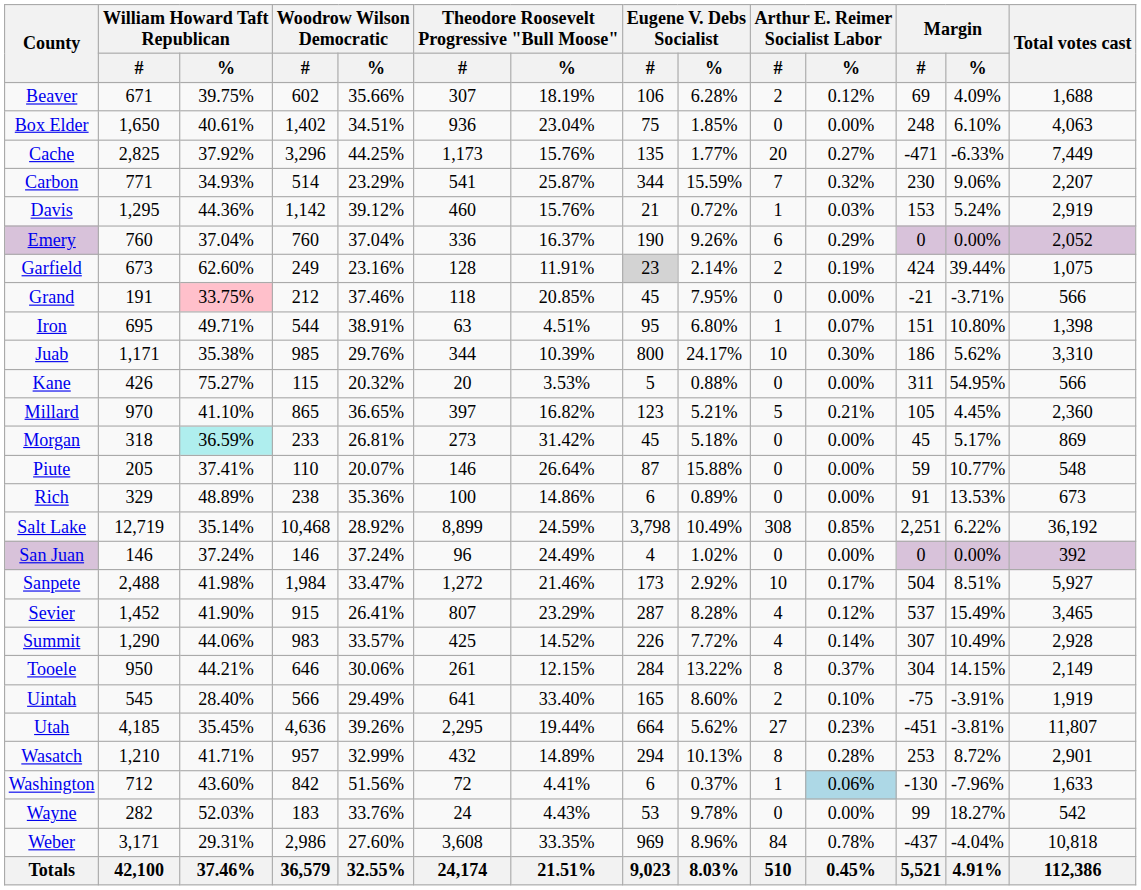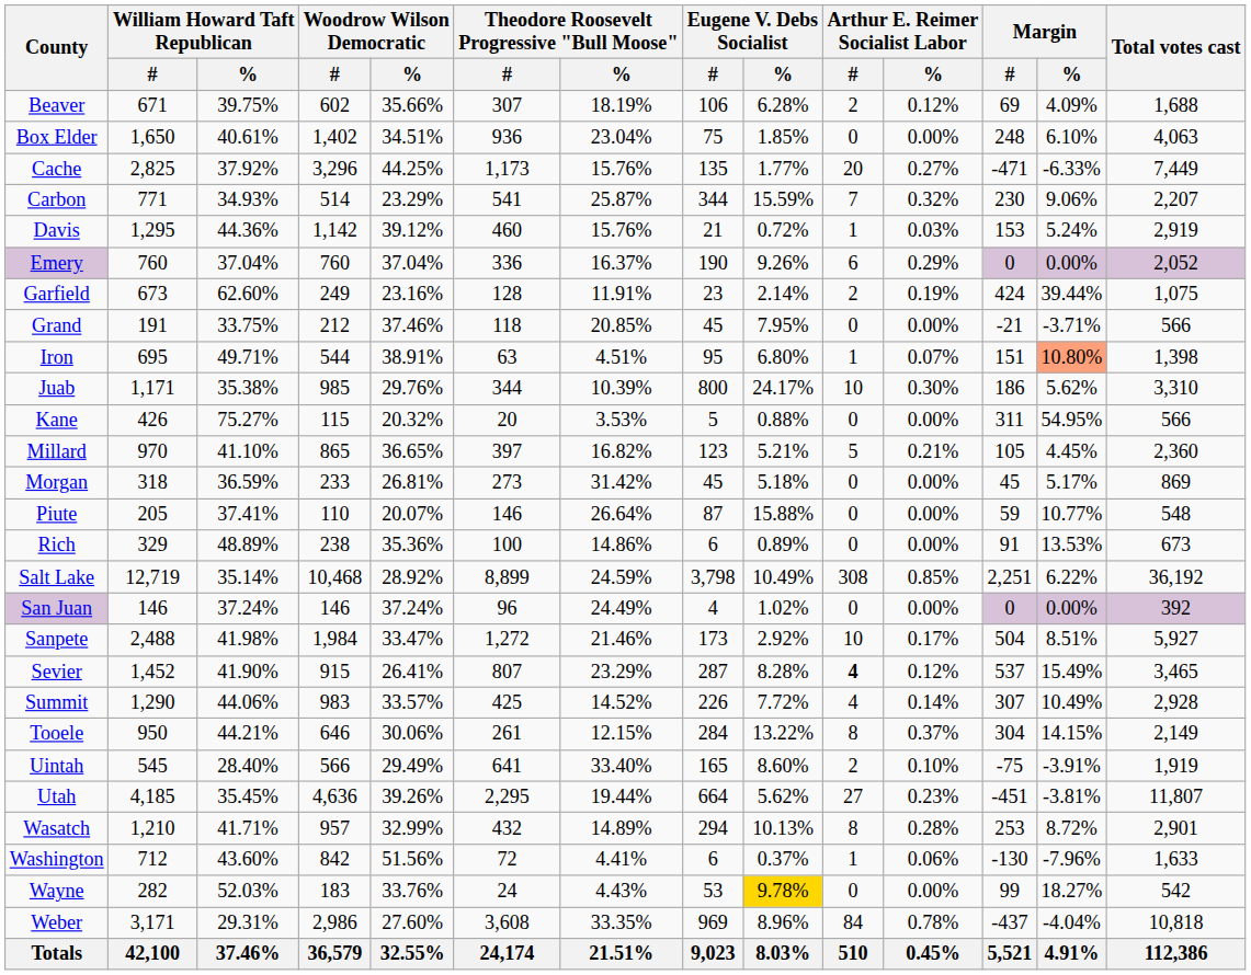 <table class="wikitable sortable">
 <tr>
 <th rowspan="2">County</th>
 <th colspan="2">William Howard Taft<br>Republican</th>
 <th colspan="2">Woodrow Wilson<br>Democratic</th>
 <th colspan="2">Theodore Roosevelt<br>Progressive "Bull Moose"</th>
 <th colspan="2">Eugene V. Debs<br>Socialist</th>
 <th colspan="2">Arthur E. Reimer<br>Socialist Labor</th>
 <th colspan="2">Margin</th>
 <th rowspan="2">Total votes cast</th>
 </tr>
 <tr bgcolor="lightgrey">
 <th style="text-align:center;" data-sort-type="number">#</th>
 <th style="text-align:center;" data-sort-type="number">%</th>
 <th style="text-align:center;" data-sort-type="number">#</th>
 <th style="text-align:center;" data-sort-type="number">%</th>
 <th style="text-align:center;" data-sort-type="number">#</th>
 <th style="text-align:center;" data-sort-type="number">%</th>
 <th style="text-align:center;" data-sort-type="number">#</th>
 <th style="text-align:center;" data-sort-type="number">%</th>
 <th style="text-align:center;" data-sort-type="number">#</th>
 <th style="text-align:center;" data-sort-type="number">%</th>
 <th style="text-align:center;" data-sort-type="number">#</th>
 <th style="text-align:center;" data-sort-type="number">%</th>
 </tr>
 <tr style="text-align:center;">
 <td><a href='#'>Beaver</a></td>
 <td>671</td>
 <td>39.75%</td>
 <td>602</td>
 <td>35.66%</td>
 <td>307</td>
 <td>18.19%</td>
 <td>106</td>
 <td>6.28%</td>
 <td>2</td>
 <td>0.12%</td>
 <td>69</td>
 <td>4.09%</td>
 <td>1,688</td>
 </tr>
 <tr style="text-align:center;">
 <td><a href='#'>Box Elder</a></td>
 <td>1,650</td>
 <td>40.61%</td>
 <td>1,402</td>
 <td>34.51%</td>
 <td>936</td>
 <td>23.04%</td>
 <td>75</td>
 <td>1.85%</td>
 <td>0</td>
 <td>0.00%</td>
 <td>248</td>
 <td>6.10%</td>
 <td>4,063</td>
 </tr>
 <tr style="text-align:center;">
 <td><a href='#'>Cache</a></td>
 <td>2,825</td>
 <td>37.92%</td>
 <td>3,296</td>
 <td>44.25%</td>
 <td>1,173</td>
 <td>15.76%</td>
 <td>135</td>
 <td>1.77%</td>
 <td>20</td>
 <td>0.27%</td>
 <td>-471</td>
 <td>-6.33%</td>
 <td>7,449</td>
 </tr>
 <tr style="text-align:center;">
 <td><a href='#'>Carbon</a></td>
 <td>771</td>
 <td>34.93%</td>
 <td>514</td>
 <td>23.29%</td>
 <td>541</td>
 <td>25.87%</td>
 <td>344</td>
 <td>15.59%</td>
 <td>7</td>
 <td>0.32%</td>
 <td>230</td>
 <td>9.06%</td>
 <td>2,207</td>
 </tr>
 <tr style="text-align:center;">
 <td><a href='#'>Davis</a></td>
 <td>1,295</td>
 <td>44.36%</td>
 <td>1,142</td>
 <td>39.12%</td>
 <td>460</td>
 <td>15.76%</td>
 <td>21</td>
 <td>0.72%</td>
 <td>1</td>
 <td>0.03%</td>
 <td>153</td>
 <td>5.24%</td>
 <td>2,919</td>
 </tr>
 <tr style="text-align:center;">
 <td style="background:#d8c2da"><a href='#'>Emery</a></td>
 <td>760</td>
 <td>37.04%</td>
 <td>760</td>
 <td>37.04%</td>
 <td>336</td>
 <td>16.37%</td>
 <td>190</td>
 <td>9.26%</td>
 <td>6</td>
 <td>0.29%</td>
 <td style="background:#d8c2da">0</td>
 <td style="background:#d8c2da">0.00%</td>
 <td style="background:#d8c2da">2,052</td>
 </tr>
 <tr style="text-align:center;">
 <td><a href='#'>Garfield</a></td>
 <td>673</td>
 <td>62.60%</td>
 <td>249</td>
 <td>23.16%</td>
 <td>128</td>
 <td>11.91%</td>
-<td style="background: lightgrey;">23</td>
+<td>23</td>
 <td>2.14%</td>
 <td>2</td>
 <td>0.19%</td>
 <td>424</td>
 <td>39.44%</td>
 <td>1,075</td>
 </tr>
 <tr style="text-align:center;">
 <td><a href='#'>Grand</a></td>
 <td>191</td>
-<td style="background: pink;">33.75%</td>
+<td>33.75%</td>
 <td>212</td>
 <td>37.46%</td>
 <td>118</td>
 <td>20.85%</td>
 <td>45</td>
 <td>7.95%</td>
 <td>0</td>
 <td>0.00%</td>
 <td>-21</td>
 <td>-3.71%</td>
 <td>566</td>
 </tr>
 <tr style="text-align:center;">
 <td><a href='#'>Iron</a></td>
 <td>695</td>
 <td>49.71%</td>
 <td>544</td>
 <td>38.91%</td>
 <td>63</td>
 <td>4.51%</td>
 <td>95</td>
 <td>6.80%</td>
 <td>1</td>
 <td>0.07%</td>
 <td>151</td>
-<td>10.80%</td>
+<td style="background: lightsalmon;">10.80%</td>
 <td>1,398</td>
 </tr>
 <tr style="text-align:center;">
 <td><a href='#'>Juab</a></td>
 <td>1,171</td>
 <td>35.38%</td>
 <td>985</td>
 <td>29.76%</td>
 <td>344</td>
 <td>10.39%</td>
 <td>800</td>
 <td>24.17%</td>
 <td>10</td>
 <td>0.30%</td>
 <td>186</td>
 <td>5.62%</td>
 <td>3,310</td>
 </tr>
 <tr style="text-align:center;">
 <td><a href='#'>Kane</a></td>
 <td>426</td>
 <td>75.27%</td>
 <td>115</td>
 <td>20.32%</td>
 <td>20</td>
 <td>3.53%</td>
 <td>5</td>
 <td>0.88%</td>
 <td>0</td>
 <td>0.00%</td>
 <td>311</td>
 <td>54.95%</td>
 <td>566</td>
 </tr>
 <tr style="text-align:center;">
 <td><a href='#'>Millard</a></td>
 <td>970</td>
 <td>41.10%</td>
 <td>865</td>
 <td>36.65%</td>
 <td>397</td>
 <td>16.82%</td>
 <td>123</td>
 <td>5.21%</td>
 <td>5</td>
 <td>0.21%</td>
 <td>105</td>
 <td>4.45%</td>
 <td>2,360</td>
 </tr>
 <tr style="text-align:center;">
 <td><a href='#'>Morgan</a></td>
 <td>318</td>
-<td style="background: paleturquoise;">36.59%</td>
+<td>36.59%</td>
 <td>233</td>
 <td>26.81%</td>
 <td>273</td>
 <td>31.42%</td>
 <td>45</td>
 <td>5.18%</td>
 <td>0</td>
 <td>0.00%</td>
 <td>45</td>
 <td>5.17%</td>
 <td>869</td>
 </tr>
 <tr style="text-align:center;">
 <td><a href='#'>Piute</a></td>
 <td>205</td>
 <td>37.41%</td>
 <td>110</td>
 <td>20.07%</td>
 <td>146</td>
 <td>26.64%</td>
 <td>87</td>
 <td>15.88%</td>
 <td>0</td>
 <td>0.00%</td>
 <td>59</td>
 <td>10.77%</td>
 <td>548</td>
 </tr>
 <tr style="text-align:center;">
 <td><a href='#'>Rich</a></td>
 <td>329</td>
 <td>48.89%</td>
 <td>238</td>
 <td>35.36%</td>
 <td>100</td>
 <td>14.86%</td>
 <td>6</td>
 <td>0.89%</td>
 <td>0</td>
 <td>0.00%</td>
 <td>91</td>
 <td>13.53%</td>
 <td>673</td>
 </tr>
 <tr style="text-align:center;">
 <td><a href='#'>Salt Lake</a></td>
 <td>12,719</td>
 <td>35.14%</td>
 <td>10,468</td>
 <td>28.92%</td>
 <td>8,899</td>
 <td>24.59%</td>
 <td>3,798</td>
 <td>10.49%</td>
 <td>308</td>
 <td>0.85%</td>
 <td>2,251</td>
 <td>6.22%</td>
 <td>36,192</td>
 </tr>
 <tr style="text-align:center;">
 <td style="background:#d8c2da"><a href='#'>San Juan</a></td>
 <td>146</td>
 <td>37.24%</td>
 <td>146</td>
 <td>37.24%</td>
 <td>96</td>
 <td>24.49%</td>
 <td>4</td>
 <td>1.02%</td>
 <td>0</td>
 <td>0.00%</td>
 <td style="background:#d8c2da">0</td>
 <td style="background:#d8c2da">0.00%</td>
 <td style="background:#d8c2da">392</td>
 </tr>
 <tr style="text-align:center;">
 <td><a href='#'>Sanpete</a></td>
 <td>2,488</td>
 <td>41.98%</td>
 <td>1,984</td>
 <td>33.47%</td>
 <td>1,272</td>
 <td>21.46%</td>
 <td>173</td>
 <td>2.92%</td>
 <td>10</td>
 <td>0.17%</td>
 <td>504</td>
 <td>8.51%</td>
 <td>5,927</td>
 </tr>
 <tr style="text-align:center;">
 <td><a href='#'>Sevier</a></td>
 <td>1,452</td>
 <td>41.90%</td>
 <td>915</td>
 <td>26.41%</td>
 <td>807</td>
 <td>23.29%</td>
 <td>287</td>
 <td>8.28%</td>
-<td>4</td>
+<td><strong>4</strong></td>
 <td>0.12%</td>
 <td>537</td>
 <td>15.49%</td>
 <td>3,465</td>
 </tr>
 <tr style="text-align:center;">
 <td><a href='#'>Summit</a></td>
 <td>1,290</td>
 <td>44.06%</td>
 <td>983</td>
 <td>33.57%</td>
 <td>425</td>
 <td>14.52%</td>
 <td>226</td>
 <td>7.72%</td>
 <td>4</td>
 <td>0.14%</td>
 <td>307</td>
 <td>10.49%</td>
 <td>2,928</td>
 </tr>
 <tr style="text-align:center;">
 <td><a href='#'>Tooele</a></td>
 <td>950</td>
 <td>44.21%</td>
 <td>646</td>
 <td>30.06%</td>
 <td>261</td>
 <td>12.15%</td>
 <td>284</td>
 <td>13.22%</td>
 <td>8</td>
 <td>0.37%</td>
 <td>304</td>
 <td>14.15%</td>
 <td>2,149</td>
 </tr>
 <tr style="text-align:center;">
 <td><a href='#'>Uintah</a></td>
 <td>545</td>
 <td>28.40%</td>
 <td>566</td>
 <td>29.49%</td>
 <td>641</td>
 <td>33.40%</td>
 <td>165</td>
 <td>8.60%</td>
 <td>2</td>
 <td>0.10%</td>
 <td>-75</td>
 <td>-3.91%</td>
 <td>1,919</td>
 </tr>
 <tr style="text-align:center;">
 <td><a href='#'>Utah</a></td>
 <td>4,185</td>
 <td>35.45%</td>
 <td>4,636</td>
 <td>39.26%</td>
 <td>2,295</td>
 <td>19.44%</td>
 <td>664</td>
 <td>5.62%</td>
 <td>27</td>
 <td>0.23%</td>
 <td>-451</td>
 <td>-3.81%</td>
 <td>11,807</td>
 </tr>
 <tr style="text-align:center;">
 <td><a href='#'>Wasatch</a></td>
 <td>1,210</td>
 <td>41.71%</td>
 <td>957</td>
 <td>32.99%</td>
 <td>432</td>
 <td>14.89%</td>
 <td>294</td>
 <td>10.13%</td>
 <td>8</td>
 <td>0.28%</td>
 <td>253</td>
 <td>8.72%</td>
 <td>2,901</td>
 </tr>
 <tr style="text-align:center;">
 <td><a href='#'>Washington</a></td>
 <td>712</td>
 <td>43.60%</td>
 <td>842</td>
 <td>51.56%</td>
 <td>72</td>
 <td>4.41%</td>
 <td>6</td>
 <td>0.37%</td>
 <td>1</td>
-<td style="background: lightblue;">0.06%</td>
+<td>0.06%</td>
 <td>-130</td>
 <td>-7.96%</td>
 <td>1,633</td>
 </tr>
 <tr style="text-align:center;">
 <td><a href='#'>Wayne</a></td>
 <td>282</td>
 <td>52.03%</td>
 <td>183</td>
 <td>33.76%</td>
 <td>24</td>
 <td>4.43%</td>
 <td>53</td>
-<td>9.78%</td>
+<td style="background: gold;">9.78%</td>
 <td>0</td>
 <td>0.00%</td>
 <td>99</td>
 <td>18.27%</td>
 <td>542</td>
 </tr>
 <tr style="text-align:center;">
 <td><a href='#'>Weber</a></td>
 <td>3,171</td>
 <td>29.31%</td>
 <td>2,986</td>
 <td>27.60%</td>
 <td>3,608</td>
 <td>33.35%</td>
 <td>969</td>
 <td>8.96%</td>
 <td>84</td>
 <td>0.78%</td>
 <td>-437</td>
 <td>-4.04%</td>
 <td>10,818</td>
 </tr>
 <tr style="text-align:center;">
 <th>Totals</th>
 <th>42,100</th>
 <th>37.46%</th>
 <th>36,579</th>
 <th>32.55%</th>
 <th>24,174</th>
 <th>21.51%</th>
 <th>9,023</th>
 <th>8.03%</th>
 <th>510</th>
 <th>0.45%</th>
 <th>5,521</th>
 <th>4.91%</th>
 <th>112,386</th>
 </tr>
 </table>
